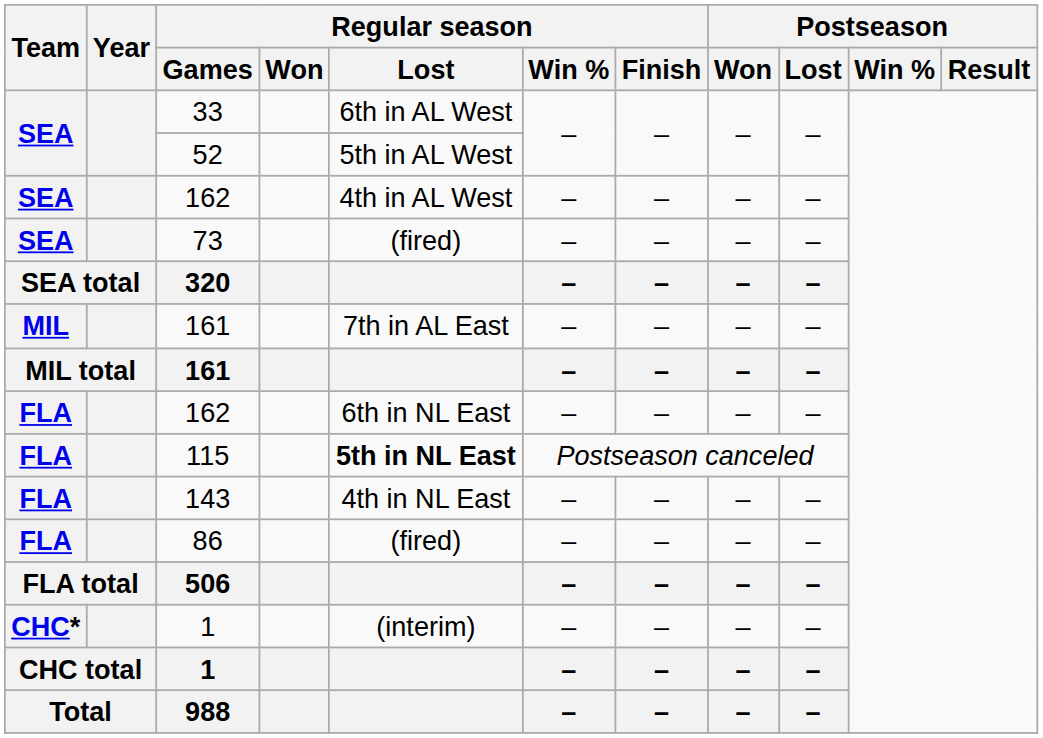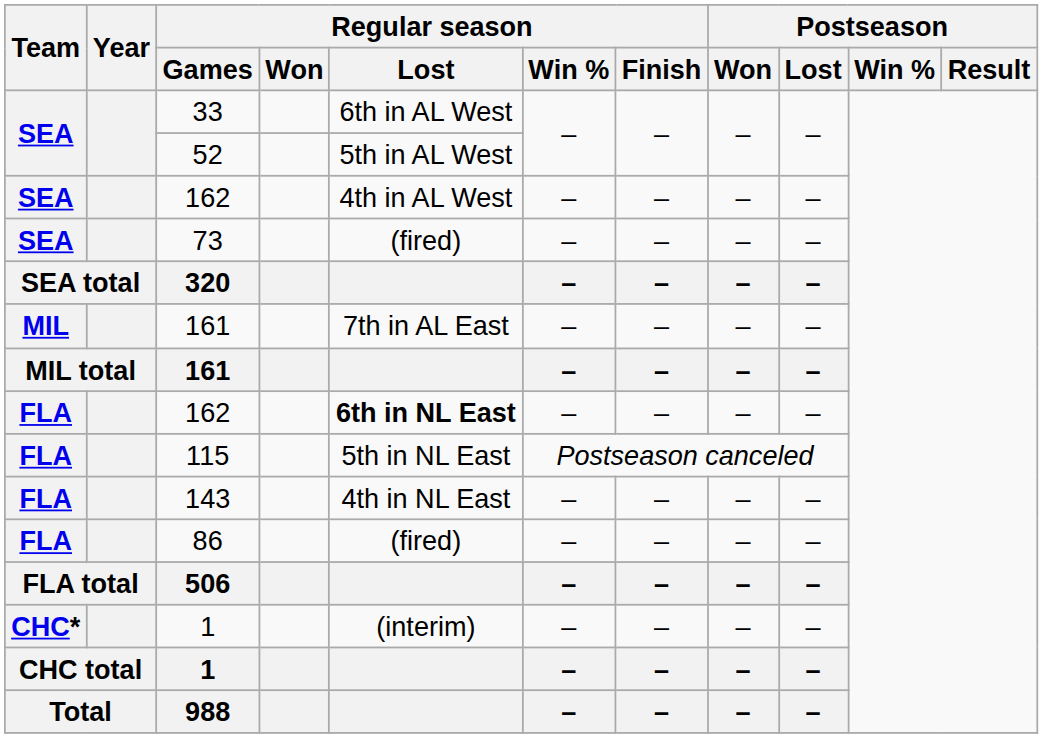 <table class="wikitable" style="font-size: 95%; text-align:center;">
 <tr>
 <th rowspan="2">Team</th>
 <th rowspan="2">Year</th>
 <th colspan="5">Regular season</th>
 <th colspan="4">Postseason</th>
 </tr>
 <tr>
 <th>Games</th>
 <th>Won</th>
 <th>Lost</th>
 <th>Win %</th>
 <th>Finish</th>
 <th>Won</th>
 <th>Lost</th>
 <th>Win %</th>
 <th>Result</th>
 </tr>
 <tr>
 <th rowspan="2"><a href='#'>SEA</a></th>
 <th rowspan="2"></th>
 <td>33</td>
 <td></td>
 <td>6th in AL West</td>
 <td rowspan="2">–</td>
 <td rowspan="2">–</td>
 <td rowspan="2">–</td>
 <td rowspan="2">–</td>
 </tr>
 <tr>
 <td>52</td>
 <td></td>
 <td>5th in AL West</td>
 </tr>
 <tr>
 <th><a href='#'>SEA</a></th>
 <th></th>
 <td>162</td>
 <td></td>
 <td>4th in AL West</td>
 <td>–</td>
 <td>–</td>
 <td>–</td>
 <td>–</td>
 </tr>
 <tr>
 <th><a href='#'>SEA</a></th>
 <th></th>
 <td>73</td>
 <td></td>
 <td>(fired)</td>
 <td>–</td>
 <td>–</td>
 <td>–</td>
 <td>–</td>
 </tr>
 <tr>
 <th colspan="2">SEA total</th>
 <th>320</th>
 <th></th>
 <th></th>
 <th>–</th>
 <th>–</th>
 <th>–</th>
 <th>–</th>
 </tr>
 <tr>
 <th><a href='#'>MIL</a></th>
 <th></th>
 <td>161</td>
 <td></td>
 <td>7th in AL East</td>
 <td>–</td>
 <td>–</td>
 <td>–</td>
 <td>–</td>
 </tr>
 <tr>
 <th colspan="2">MIL total</th>
 <th>161</th>
 <th></th>
 <th></th>
 <th>–</th>
 <th>–</th>
 <th>–</th>
 <th>–</th>
 </tr>
 <tr>
 <th><a href='#'>FLA</a></th>
 <th></th>
 <td>162</td>
 <td></td>
-<td>6th in NL East</td>
+<td><strong>6th in NL East</strong></td>
 <td>–</td>
 <td>–</td>
 <td>–</td>
 <td>–</td>
 </tr>
 <tr>
 <th><a href='#'>FLA</a></th>
 <th></th>
 <td>115</td>
 <td></td>
-<td><strong>5th in NL East</strong></td>
+<td>5th in NL East</td>
 <td colspan=4><em>Postseason canceled</em></td>
 </tr>
 <tr>
 <th><a href='#'>FLA</a></th>
 <th></th>
 <td>143</td>
 <td></td>
 <td>4th in NL East</td>
 <td>–</td>
 <td>–</td>
 <td>–</td>
 <td>–</td>
 </tr>
 <tr>
 <th><a href='#'>FLA</a></th>
 <th></th>
 <td>86</td>
 <td></td>
 <td>(fired)</td>
 <td>–</td>
 <td>–</td>
 <td>–</td>
 <td>–</td>
 </tr>
 <tr>
 <th colspan="2">FLA total</th>
 <th>506</th>
 <th></th>
 <th></th>
 <th>–</th>
 <th>–</th>
 <th>–</th>
 <th>–</th>
 </tr>
 <tr>
 <th><a href='#'>CHC</a>*</th>
 <th></th>
 <td>1</td>
 <td></td>
 <td>(interim)</td>
 <td>–</td>
 <td>–</td>
 <td>–</td>
 <td>–</td>
 </tr>
 <tr>
 <th colspan="2">CHC total</th>
 <th>1</th>
 <th></th>
 <th></th>
 <th>–</th>
 <th>–</th>
 <th>–</th>
 <th>–</th>
 </tr>
 <tr>
 <th colspan="2">Total</th>
 <th>988</th>
 <th></th>
 <th></th>
 <th>–</th>
 <th>–</th>
 <th>–</th>
 <th>–</th>
 </tr>
 </table>
